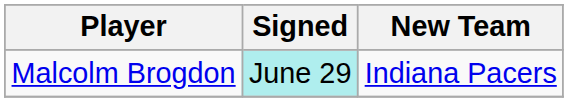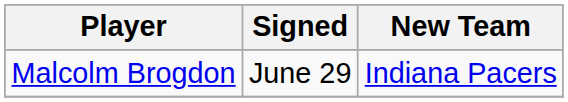 <table class="wikitable sortable sortable">
 <tr>
 <th>Player</th>
 <th>Signed</th>
 <th>New Team</th>
 </tr>
 <tr style="text-align: center">
 <td><a href='#'>Malcolm Brogdon</a></td>
-<td style="background: paleturquoise;">June 29</td>
+<td>June 29</td>
 <td><a href='#'>Indiana Pacers</a></td>
 </tr>
 <tr>
 </tr>
 </table>
